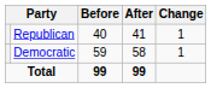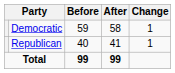 <table class="wikitable" style="text-align:center;">
 <tr>
 <th colspan="2">Party</th>
 <th>Before</th>
 <th>After</th>
 <th>Change</th>
 </tr>
 <tr>
 <th style="background-color:"></th>
-<td style="text-align:left;"><a href='#'>Republican</a></td>
-<td>40</td>
-<td>41</td>
+<td style="text-align:left;"><a href='#'>Democratic</a></td>
+<td>59</td>
+<td>58</td>
 <td> 1</td>
 </tr>
 <tr>
 <th style="background-color:"></th>
-<td style="text-align:left;"><a href='#'>Democratic</a></td>
-<td>59</td>
-<td>58</td>
+<td style="text-align:left;"><a href='#'>Republican</a></td>
+<td>40</td>
+<td>41</td>
 <td> 1</td>
 </tr>
 <tr>
 <td colspan="2"><strong>Total</strong></td>
 <td><strong>99</strong></td>
 <td><strong>99</strong></td>
 <td></td>
 </tr>
 </table>
